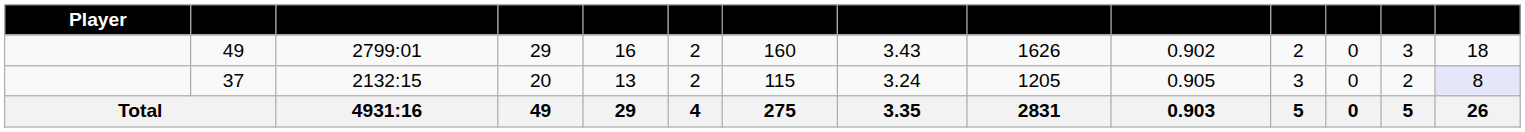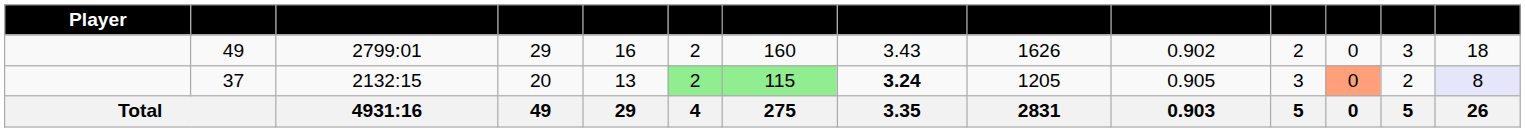 <table class="wikitable sortable" style="width:100%; text-align:center;">
 <tr>
 <th style="color:white; background:#000000; ">Player</th>
 <th style="color:white; background:#000000; "></th>
 <th style="color:white; background:#000000; "></th>
 <th style="color:white; background:#000000; "></th>
 <th style="color:white; background:#000000; "></th>
 <th style="color:white; background:#000000; "></th>
 <th style="color:white; background:#000000; "></th>
 <th style="color:white; background:#000000; "></th>
 <th style="color:white; background:#000000; "></th>
 <th style="color:white; background:#000000; "></th>
 <th style="color:white; background:#000000; "></th>
 <th style="color:white; background:#000000; "></th>
 <th style="color:white; background:#000000; "></th>
 <th style="color:white; background:#000000; "></th>
 </tr>
 <tr>
 <td></td>
 <td>49</td>
 <td>2799:01</td>
 <td>29</td>
 <td>16</td>
 <td>2</td>
 <td>160</td>
 <td>3.43</td>
 <td>1626</td>
 <td>0.902</td>
 <td>2</td>
 <td>0</td>
 <td>3</td>
 <td>18</td>
 </tr>
 <tr>
 <td></td>
 <td>37</td>
 <td>2132:15</td>
 <td>20</td>
 <td>13</td>
-<td>2</td>
-<td>115</td>
-<td>3.24</td>
+<td style="background: lightgreen;">2</td>
+<td style="background: lightgreen;">115</td>
+<td><strong>3.24</strong></td>
 <td>1205</td>
 <td>0.905</td>
 <td>3</td>
-<td>0</td>
+<td style="background: lightsalmon;">0</td>
 <td>2</td>
 <td style="background: lavender;">8</td>
 </tr>
 <tr class="sortbotom">
 <th colspan=2>Total</th>
 <th>4931:16</th>
 <th>49</th>
 <th>29</th>
 <th>4</th>
 <th>275</th>
 <th>3.35</th>
 <th>2831</th>
 <th>0.903</th>
 <th>5</th>
 <th>0</th>
 <th>5</th>
 <th>26</th>
 </tr>
 </table>
